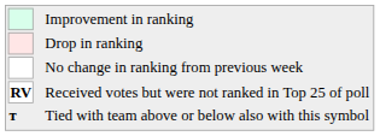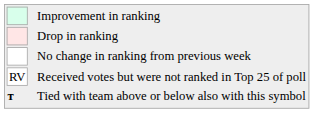 <table style="font-size:90%; border:1px solid #aaa; white-space:nowrap; background:#eee;">
 <tr>
 <td style="background:#d8ffeb; width:20px; border:1px solid #aaa;"> </td>
 <td rowspan=6> </td>
 <td>Improvement in ranking</td>
 </tr>
 <tr>
 <td style="background:#ffe6e6; width:20px; border:1px solid #aaa;"> </td>
 <td>Drop in ranking</td>
 </tr>
 <tr>
 <td style="background:#fff; width:20px; border:1px solid #aaa;"> </td>
 <td>No change in ranking from previous week</td>
 </tr>
 <tr>
-<td style="text-align:center; width:20px; border:1px solid #aaa; background:white;"><strong>RV</strong></td>
+<td style="text-align:center; width:20px; border:1px solid #aaa; background:white;">RV</td>
 <td>Received votes but were not ranked in Top 25 of poll</td>
 </tr>
 <tr>
 <td><strong>т</strong></td>
 <td>Tied with team above or below also with this symbol</td>
 </tr>
 <tr>
 </tr>
 </table>
